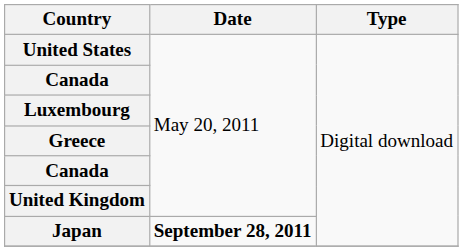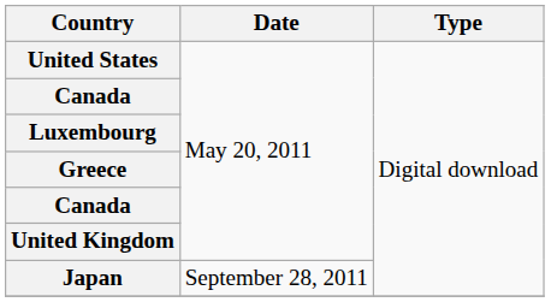 <table class="wikitable plainrowheaders" border="1">
 <tr>
 <th scope="col">Country</th>
 <th scope="col">Date</th>
 <th scope="col">Type</th>
 </tr>
 <tr>
 <th scope="row">United States</th>
 <td rowspan="6">May 20, 2011</td>
 <td rowspan="7">Digital download</td>
 </tr>
 <tr>
 <th scope="row">Canada</th>
 </tr>
 <tr>
 <th scope="row">Luxembourg</th>
 </tr>
 <tr>
 <th scope="row">Greece</th>
 </tr>
 <tr>
 <th scope="row">Canada</th>
 </tr>
 <tr>
 <th scope="row">United Kingdom</th>
 </tr>
 <tr>
 <th scope="row">Japan</th>
-<td><strong>September 28, 2011</strong></td>
+<td>September 28, 2011</td>
 </tr>
 <tr>
 </tr>
 </table>
